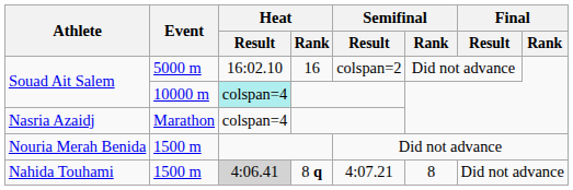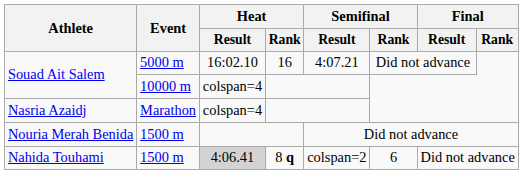 <table class="wikitable" style="font-size:90%">
 <tr>
 <th rowspan="2">Athlete</th>
 <th rowspan="2">Event</th>
 <th colspan="2">Heat</th>
 <th colspan="2">Semifinal</th>
 <th colspan="2">Final</th>
 </tr>
 <tr style="font-size:95%">
 <th>Result</th>
 <th>Rank</th>
 <th>Result</th>
 <th>Rank</th>
 <th>Result</th>
 <th>Rank</th>
 </tr>
 <tr align=center>
 <td align="left" rowspan=2><a href='#'>Souad Ait Salem</a></td>
 <td align="left"><a href='#'>5000 m</a></td>
 <td>16:02.10</td>
 <td>16</td>
-<td>colspan=2 </td>
+<td>4:07.21</td>
 <td colspan=2>Did not advance</td>
 </tr>
 <tr align=center>
 <td align="left"><a href='#'>10000 m</a></td>
-<td style="background: paleturquoise;">colspan=4 </td>
+<td>colspan=4 </td>
 <td colspan=2></td>
 </tr>
 <tr align=center>
 <td align="left"><a href='#'>Nasria Azaidj</a></td>
 <td align="left"><a href='#'>Marathon</a></td>
 <td>colspan=4 </td>
 <td colspan=2></td>
 </tr>
 <tr align=center>
 <td align="left"><a href='#'>Nouria Merah Benida</a></td>
 <td align="left"><a href='#'>1500 m</a></td>
 <td colspan=2></td>
 <td colspan=4>Did not advance</td>
 </tr>
 <tr align=center>
 <td align="left"><a href='#'>Nahida Touhami</a></td>
 <td align="left"><a href='#'>1500 m</a></td>
 <td style="background: lightgrey;">4:06.41</td>
 <td>8 <strong>q</strong></td>
-<td>4:07.21</td>
-<td>8</td>
+<td>colspan=2 </td>
+<td>6</td>
 <td colspan=2>Did not advance</td>
 </tr>
 </table>
